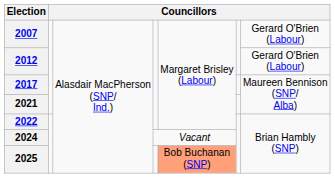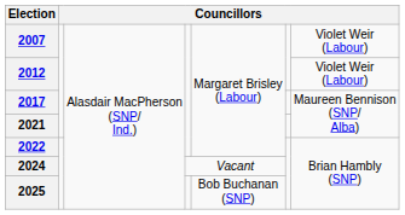 <table class="wikitable" style="text-align:center">
 <tr>
 <th>Election</th>
 <th colspan=6>Councillors</th>
 </tr>
 <tr>
 <th><a href='#'>2007</a></th>
 <td rowspan=4; style="background-color: "></td>
 <td rowspan=7>Alasdair MacPherson<br>(<a href='#'>SNP</a>/<br><a href='#'>Ind.</a>)</td>
 <td rowspan=5; style="background-color: "></td>
 <td rowspan=5>Margaret Brisley<br>(<a href='#'>Labour</a>)</td>
 <td rowspan=2; style="background-color: "></td>
-<td rowspan=1>Gerard O'Brien<br>(<a href='#'>Labour</a>)</td>
+<td rowspan=1>Violet Weir<br>(<a href='#'>Labour</a>)</td>
 </tr>
 <tr>
 <th><a href='#'>2012</a></th>
-<td rowspan=1>Gerard O'Brien<br>(<a href='#'>Labour</a>)</td>
+<td rowspan=1>Violet Weir<br>(<a href='#'>Labour</a>)</td>
 </tr>
 <tr>
 <th><a href='#'>2017</a></th>
 <td rowspan=1; style="background-color: "></td>
 <td rowspan=2>Maureen Bennison<br>(<a href='#'>SNP</a>/<br><a href='#'>Alba</a>)</td>
 </tr>
 <tr>
 <th>2021</th>
 <td rowspan=1; style="background-color: "></td>
 </tr>
 <tr>
 <th><a href='#'>2022</a></th>
 <td rowspan=3; style="background-color: "></td>
 <td rowspan=3; style="background-color: "></td>
 <td rowspan=3>Brian Hambly<br>(<a href='#'>SNP</a>)</td>
 </tr>
 <tr>
 <th>2024</th>
 <td colspan=2><em>Vacant</em></td>
 </tr>
 <tr>
 <th>2025</th>
 <td rowspan=1; style="background-color: "></td>
-<td rowspan=1 style="background: lightsalmon;">Bob Buchanan<br>(<a href='#'>SNP</a>)</td>
+<td rowspan=1>Bob Buchanan<br>(<a href='#'>SNP</a>)</td>
 </tr>
 </table>
